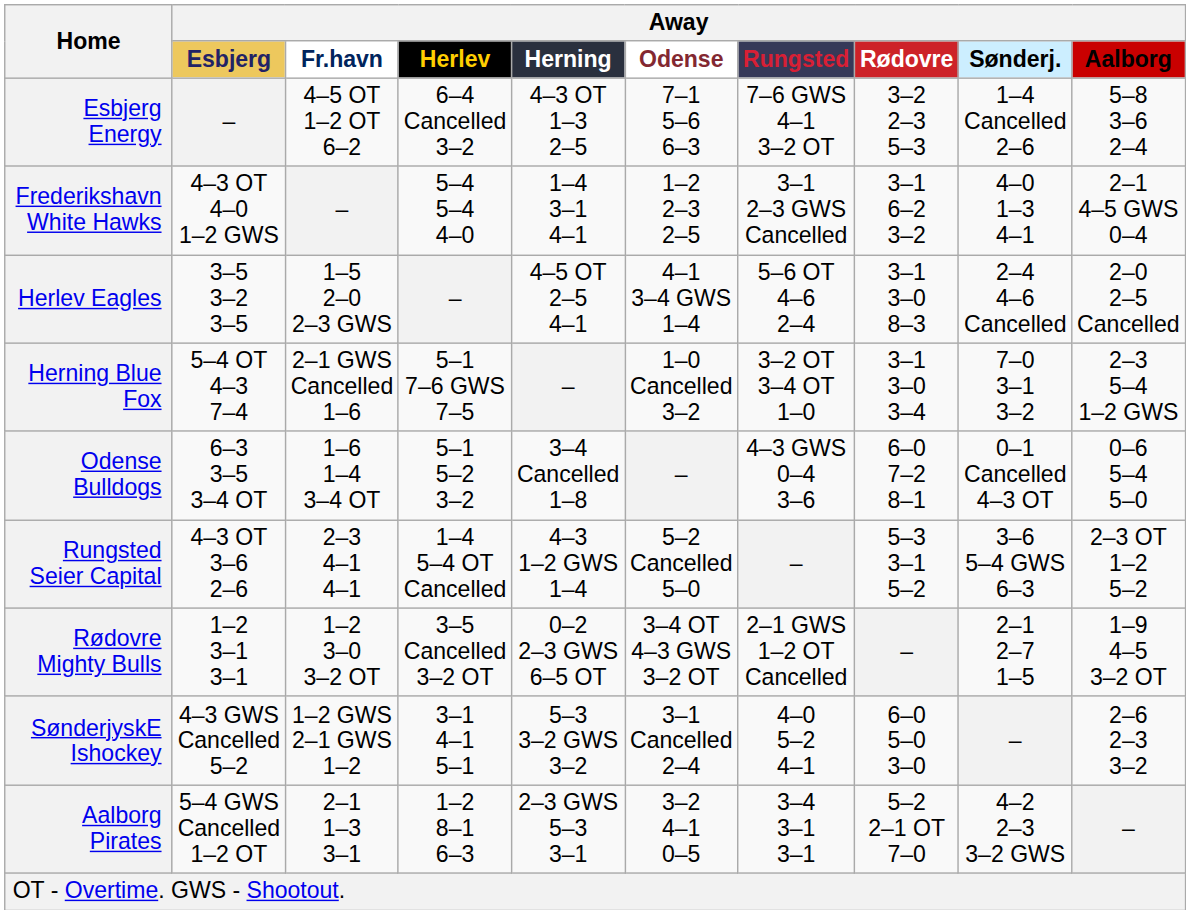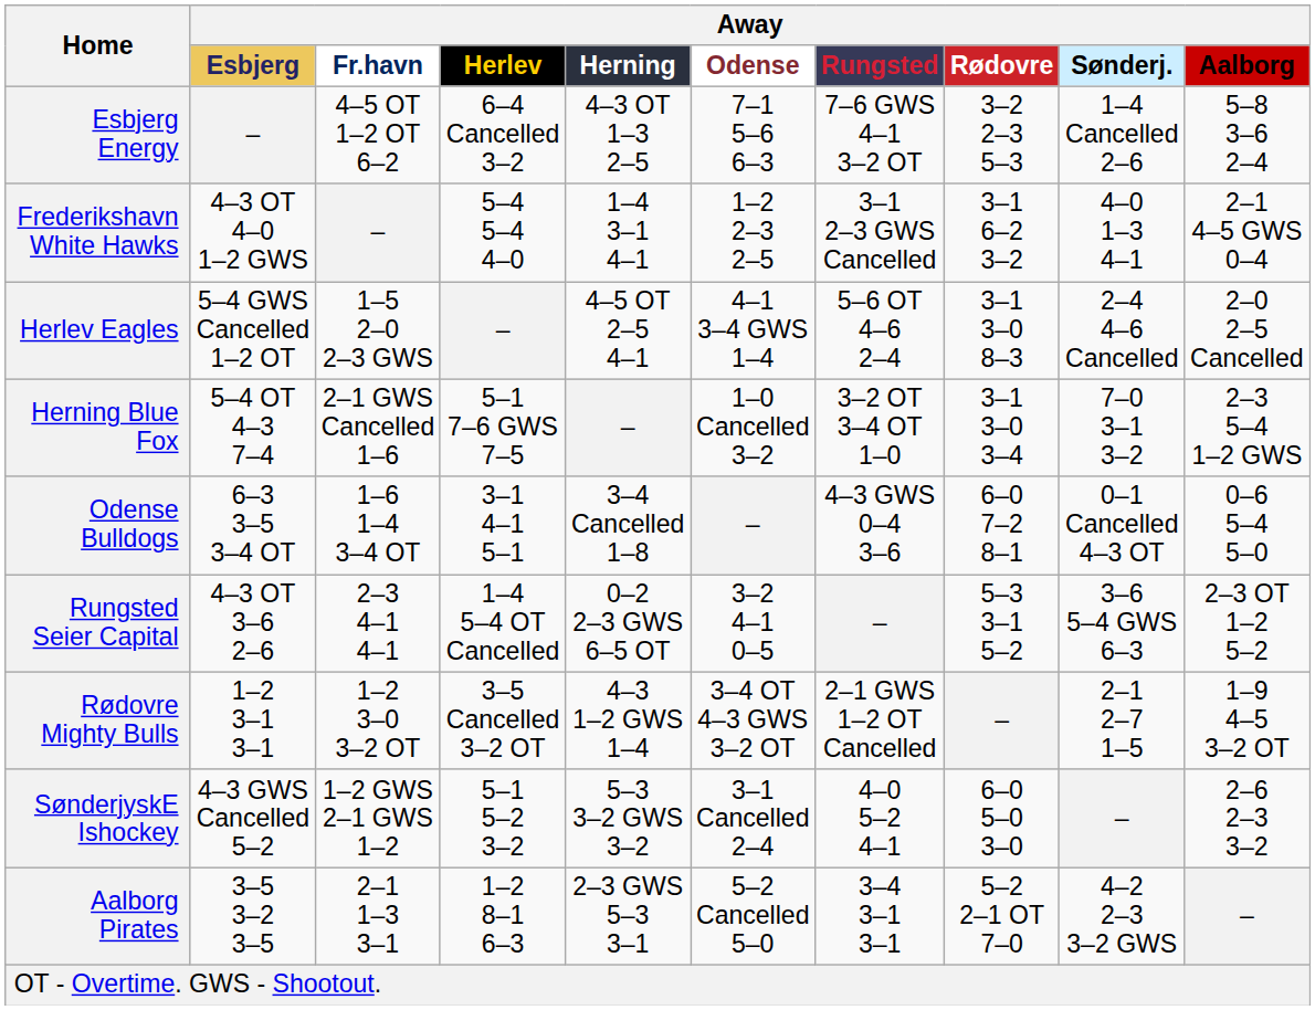 <table class="wikitable" style="margin-left:1em; text-align:center;">
 <tr>
 <th rowspan="2">Home</th>
 <th colspan="11">Away</th>
 </tr>
 <tr>
 <th style="width:80px; background:#EDC85D; color:#222266;">Esbjerg</th>
 <th style="width:80px; background:white; color:#00245D;">Fr.havn</th>
 <th style="width:80px; background:black; color:#FFCF00;">Herlev</th>
 <th style="width:80px; background:#2A303E; color:white;">Herning</th>
 <th style="width:80px; background:white; color:#832831;">Odense</th>
 <th style="width:80px; background:#363958; color:#D81F35;">Rungsted</th>
 <th style="width:80px; background:#CD2228; color:white;">Rødovre</th>
 <th style="width:80px; background:#CCEEFF; color:black;">Sønderj.</th>
 <th style="width:80px; background:#C90000; color:black;">Aalborg</th>
 </tr>
 <tr>
 <td style="text-align:right; padding-left:7px; padding-right:7px; background:#F2F2F2;"><a href='#'>Esbjerg Energy</a></td>
 <td style="background:#F2F2F2;">–</td>
 <td>4–5 OT<br>1–2 OT<br>6–2</td>
 <td>6–4<br>Cancelled<br>3–2</td>
 <td>4–3 OT<br>1–3<br>2–5</td>
 <td>7–1<br>5–6<br>6–3</td>
 <td>7–6 GWS<br>4–1<br>3–2 OT</td>
 <td>3–2<br>2–3<br>5–3</td>
 <td>1–4<br>Cancelled<br>2–6</td>
 <td>5–8<br>3–6<br>2–4</td>
 </tr>
 <tr>
 <td style="text-align:right; padding-left:7px; padding-right:7px; background:#F2F2F2;"><a href='#'>Frederikshavn White Hawks</a></td>
 <td>4–3 OT<br>4–0<br>1–2 GWS</td>
 <td style="background:#F2F2F2;">–</td>
 <td>5–4<br>5–4<br>4–0</td>
 <td>1–4<br>3–1<br>4–1</td>
 <td>1–2<br>2–3<br>2–5</td>
 <td>3–1<br>2–3 GWS<br>Cancelled</td>
 <td>3–1<br>6–2<br>3–2</td>
 <td>4–0<br>1–3<br>4–1</td>
 <td>2–1<br>4–5 GWS<br>0–4</td>
 </tr>
 <tr>
 <td style="text-align:right; padding-left:7px; padding-right:7px; background:#F2F2F2;"><a href='#'>Herlev Eagles</a></td>
-<td>3–5<br>3–2<br>3–5</td>
+<td>5–4 GWS<br>Cancelled<br>1–2 OT</td>
 <td>1–5<br>2–0<br>2–3 GWS</td>
 <td style="background:#F2F2F2;">–</td>
 <td>4–5 OT<br>2–5<br>4–1</td>
 <td>4–1<br>3–4 GWS<br>1–4</td>
 <td>5–6 OT<br>4–6<br>2–4</td>
 <td>3–1<br>3–0<br>8–3</td>
 <td>2–4<br>4–6<br>Cancelled</td>
 <td>2–0<br>2–5<br>Cancelled</td>
 </tr>
 <tr>
 <td style="text-align:right; padding-left:7px; padding-right:7px; background:#F2F2F2;"><a href='#'>Herning Blue Fox</a></td>
 <td>5–4 OT<br>4–3<br>7–4</td>
 <td>2–1 GWS<br>Cancelled<br>1–6</td>
 <td>5–1<br>7–6 GWS<br>7–5</td>
 <td style="background:#F2F2F2;">–</td>
 <td>1–0<br>Cancelled<br>3–2</td>
 <td>3–2 OT<br>3–4 OT<br>1–0</td>
 <td>3–1<br>3–0<br>3–4</td>
 <td>7–0<br>3–1<br>3–2</td>
 <td>2–3<br>5–4<br>1–2 GWS</td>
 </tr>
 <tr>
 <td style="text-align:right; padding-left:7px; padding-right:7px; background:#F2F2F2;"><a href='#'>Odense Bulldogs</a></td>
 <td>6–3<br>3–5<br>3–4 OT</td>
 <td>1–6<br>1–4<br>3–4 OT</td>
-<td>5–1<br>5–2<br>3–2</td>
+<td>3–1<br>4–1<br>5–1</td>
 <td>3–4<br>Cancelled<br>1–8</td>
 <td style="background:#F2F2F2;">–</td>
 <td>4–3 GWS<br>0–4<br>3–6</td>
 <td>6–0<br>7–2<br>8–1</td>
 <td>0–1<br>Cancelled<br>4–3 OT</td>
 <td>0–6<br>5–4<br>5–0</td>
 </tr>
 <tr>
 <td style="text-align:right; padding-left:7px; padding-right:7px; background:#F2F2F2;"><a href='#'>Rungsted Seier Capital</a></td>
 <td>4–3 OT<br>3–6<br>2–6</td>
 <td>2–3<br>4–1<br>4–1</td>
 <td>1–4<br>5–4 OT<br>Cancelled</td>
-<td>4–3<br>1–2 GWS<br>1–4</td>
-<td>5–2<br>Cancelled<br>5–0</td>
+<td>0–2<br>2–3 GWS<br>6–5 OT</td>
+<td>3–2<br>4–1<br>0–5</td>
 <td style="background:#F2F2F2;">–</td>
 <td>5–3<br>3–1<br>5–2</td>
 <td>3–6<br>5–4 GWS<br>6–3</td>
 <td>2–3 OT<br>1–2<br>5–2</td>
 </tr>
 <tr>
 <td style="text-align:right; padding-left:7px; padding-right:7px; background:#F2F2F2;"><a href='#'>Rødovre Mighty Bulls</a></td>
 <td>1–2<br>3–1<br>3–1</td>
 <td>1–2<br>3–0<br>3–2 OT</td>
 <td>3–5<br>Cancelled<br>3–2 OT</td>
-<td>0–2<br>2–3 GWS<br>6–5 OT</td>
+<td>4–3<br>1–2 GWS<br>1–4</td>
 <td>3–4 OT<br>4–3 GWS<br>3–2 OT</td>
 <td>2–1 GWS<br>1–2 OT<br>Cancelled</td>
 <td style="background:#F2F2F2;">–</td>
 <td>2–1<br>2–7<br>1–5</td>
 <td>1–9<br>4–5<br>3–2 OT</td>
 </tr>
 <tr>
 <td style="text-align:right; padding-left:7px; padding-right:7px; background:#F2F2F2;"><a href='#'>SønderjyskE Ishockey</a></td>
 <td>4–3 GWS<br>Cancelled<br>5–2</td>
 <td>1–2 GWS<br>2–1 GWS<br>1–2</td>
-<td>3–1<br>4–1<br>5–1</td>
+<td>5–1<br>5–2<br>3–2</td>
 <td>5–3<br>3–2 GWS<br>3–2</td>
 <td>3–1<br>Cancelled<br>2–4</td>
 <td>4–0<br>5–2<br>4–1</td>
 <td>6–0<br>5–0<br>3–0</td>
 <td style="background:#F2F2F2;">–</td>
 <td>2–6<br>2–3<br>3–2</td>
 </tr>
 <tr>
 <td style="text-align:right; padding-left:7px; padding-right:7px; background:#F2F2F2;"><a href='#'>Aalborg Pirates</a></td>
-<td>5–4 GWS<br>Cancelled<br>1–2 OT</td>
+<td>3–5<br>3–2<br>3–5</td>
 <td>2–1<br>1–3<br>3–1</td>
 <td>1–2<br>8–1<br>6–3</td>
 <td>2–3 GWS<br>5–3<br>3–1</td>
-<td>3–2<br>4–1<br>0–5</td>
+<td>5–2<br>Cancelled<br>5–0</td>
 <td>3–4<br>3–1<br>3–1</td>
 <td>5–2<br>2–1 OT<br>7–0</td>
 <td>4–2<br>2–3<br>3–2 GWS</td>
 <td style="background:#F2F2F2;">–</td>
 </tr>
 <tr>
 <td colspan="11" style="text-align:left; padding-left:5px; background:#F2F2F2;">OT - <a href='#'>Overtime</a>. GWS - <a href='#'>Shootout</a>.</td>
 </tr>
 </table>
